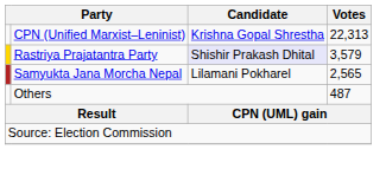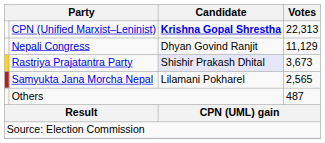 <table class="wikitable">
 <tr>
 <th colspan="2">Party</th>
 <th>Candidate</th>
 <th>Votes</th>
 </tr>
 <tr>
 <td style="background-color:"></td>
 <td><a href='#'>CPN (Unified Marxist–Leninist)</a></td>
-<td><a href='#'>Krishna Gopal Shrestha</a></td>
+<td><strong><a href='#'>Krishna Gopal Shrestha</a></strong></td>
 <td>22,313</td>
+</tr>
+<tr>
+<td style="background-color:"></td>
+<td><a href='#'>Nepali Congress</a></td>
+<td>Dhyan Govind Ranjit</td>
+<td>11,129</td>
 </tr>
 <tr>
 <td style="background-color:gold"></td>
 <td><a href='#'>Rastriya Prajatantra Party</a></td>
 <td style="background: lavender;">Shishir Prakash Dhital</td>
-<td>3,579</td>
+<td>3,673</td>
 </tr>
 <tr>
 <td style="background-color:firebrick"></td>
 <td><a href='#'>Samyukta Jana Morcha Nepal</a></td>
 <td>Lilamani Pokharel</td>
 <td>2,565</td>
 </tr>
 <tr>
 <td></td>
 <td colspan="2">Others</td>
 <td>487</td>
 </tr>
 <tr>
 <th colspan="2">Result</th>
 <th colspan="2">CPN (UML) gain</th>
 </tr>
 <tr>
 <td colspan="4">Source: Election Commission</td>
 </tr>
 <tr>
 </tr>
 </table>
